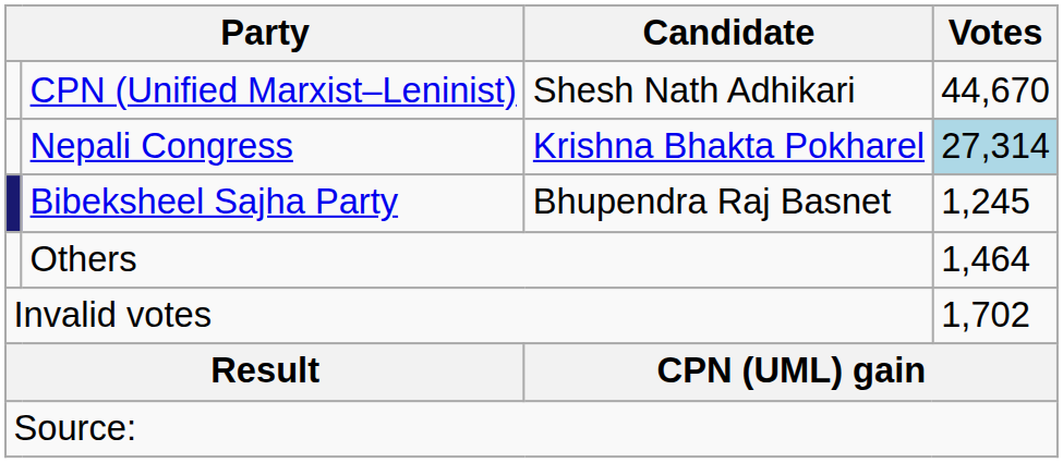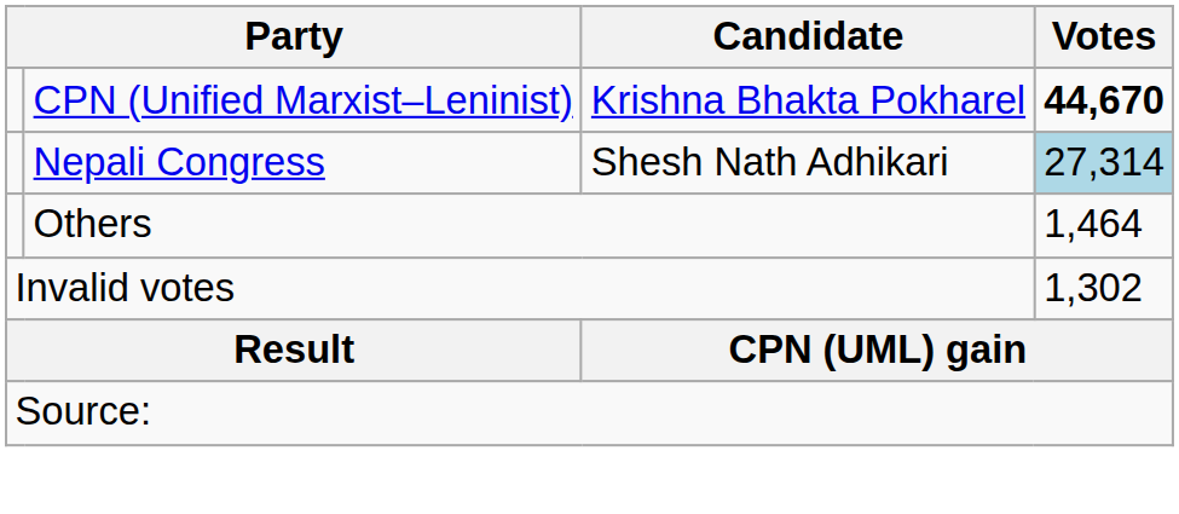 <table class="wikitable">
 <tr>
 <th colspan="2">Party</th>
 <th>Candidate</th>
 <th>Votes</th>
 </tr>
 <tr>
 <td style="background-color:"></td>
 <td><a href='#'>CPN (Unified Marxist–Leninist)</a></td>
-<td>Shesh Nath Adhikari</td>
-<td>44,670</td>
+<td><a href='#'>Krishna Bhakta Pokharel</a></td>
+<td><strong>44,670</strong></td>
 </tr>
 <tr>
 <td style="background-color:"></td>
 <td><a href='#'>Nepali Congress</a></td>
-<td><a href='#'>Krishna Bhakta Pokharel</a></td>
+<td>Shesh Nath Adhikari</td>
 <td style="background: lightblue;">27,314</td>
-</tr>
-<tr>
-<td style="background-color:midnightblue"></td>
-<td><a href='#'>Bibeksheel Sajha Party</a></td>
-<td>Bhupendra Raj Basnet</td>
-<td>1,245</td>
 </tr>
 <tr>
 <td></td>
 <td colspan="2">Others</td>
 <td>1,464</td>
 </tr>
 <tr>
 <td colspan="3">Invalid votes</td>
-<td>1,702</td>
+<td>1,302</td>
 </tr>
 <tr>
 <th colspan="2">Result</th>
 <th colspan="2">CPN (UML) gain</th>
 </tr>
 <tr>
 <td colspan="4">Source: </td>
 </tr>
 </table>
